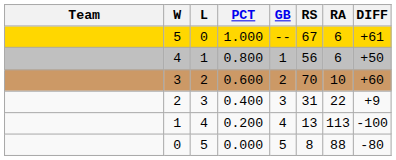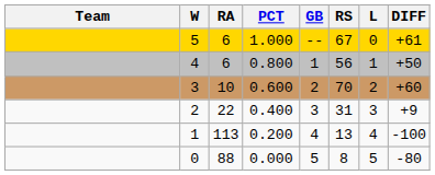 <table class=wikitable>
 <tr>
 <th width=150px>Team</th>
 <th width=20px>W</th>
-<th width=20px>L</th>
+<th width=20px>RA</th>
 <th width=45px><a href='#'>PCT</a></th>
 <th width=20px><a href='#'>GB</a></th>
 <th width=20px>RS</th>
-<th width=20px>RA</th>
+<th width=20px>L</th>
 <th width=20px>DIFF</th>
 </tr>
 <tr align=center bgcolor=gold>
 <td align=left></td>
 <td>5</td>
-<td>0</td>
+<td>6</td>
 <td>1.000</td>
 <td>--</td>
 <td>67</td>
-<td>6</td>
+<td>0</td>
 <td>+61</td>
 </tr>
 <tr align=center bgcolor=silver>
 <td align=left></td>
 <td>4</td>
-<td>1</td>
+<td>6</td>
 <td>0.800</td>
 <td>1</td>
 <td>56</td>
-<td>6</td>
+<td>1</td>
 <td>+50</td>
 </tr>
 <tr align=center bgcolor=#cc9966>
 <td align=left></td>
 <td>3</td>
-<td>2</td>
+<td>10</td>
 <td>0.600</td>
 <td>2</td>
 <td>70</td>
-<td>10</td>
+<td>2</td>
 <td>+60</td>
 </tr>
 <tr align=center>
 <td align=left></td>
 <td>2</td>
-<td>3</td>
+<td>22</td>
 <td>0.400</td>
 <td>3</td>
 <td>31</td>
-<td>22</td>
+<td>3</td>
 <td>+9</td>
 </tr>
 <tr align=center>
 <td align=left></td>
 <td>1</td>
-<td>4</td>
+<td>113</td>
 <td>0.200</td>
 <td>4</td>
 <td>13</td>
-<td>113</td>
+<td>4</td>
 <td>-100</td>
 </tr>
 <tr align=center>
 <td align=left></td>
 <td>0</td>
-<td>5</td>
+<td>88</td>
 <td>0.000</td>
 <td>5</td>
 <td>8</td>
-<td>88</td>
+<td>5</td>
 <td>-80</td>
 </tr>
 </table>
